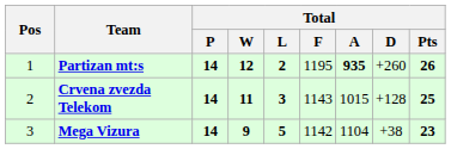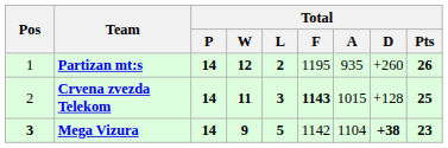 <table class="wikitable sortable" style="text-align: center; font-size:95%">
 <tr>
 <th width="44" rowspan=2>Pos</th>
 <th width="135" rowspan=2>Team</th>
 <th colspan=7>Total</th>
 </tr>
 <tr>
 <th width="30"><strong>P</strong></th>
 <th width="30"><strong>W</strong></th>
 <th width="30"><strong>L</strong></th>
 <th width="30"><strong>F</strong></th>
 <th width="30"><strong>A</strong></th>
 <th width="30"><strong>D</strong></th>
 <th width="30"><strong>Pts</strong></th>
 </tr>
 <tr style="background: #ddffdd">
 <td>1</td>
 <td align="left"><strong><a href='#'>Partizan mt:s</a></strong></td>
 <td><strong>14</strong></td>
 <td><strong>12</strong></td>
 <td><strong>2</strong></td>
 <td>1195</td>
-<td><strong>935</strong></td>
+<td>935</td>
 <td>+260</td>
 <td><strong>26</strong></td>
 </tr>
 <tr style="background: #ddffdd">
 <td>2</td>
 <td align="left"><strong><a href='#'>Crvena zvezda Telekom</a></strong></td>
 <td><strong>14</strong></td>
 <td><strong>11</strong></td>
 <td><strong>3</strong></td>
-<td>1143</td>
+<td><strong>1143</strong></td>
 <td>1015</td>
 <td>+128</td>
 <td><strong>25</strong></td>
 </tr>
 <tr style="background: #ddffdd">
-<td>3</td>
+<td><strong>3</strong></td>
 <td align="left"><strong><a href='#'>Mega Vizura</a></strong></td>
 <td><strong>14</strong></td>
 <td><strong>9</strong></td>
 <td><strong>5</strong></td>
 <td>1142</td>
 <td>1104</td>
-<td>+38</td>
+<td><strong>+38</strong></td>
 <td><strong>23</strong></td>
 </tr>
 </table>
